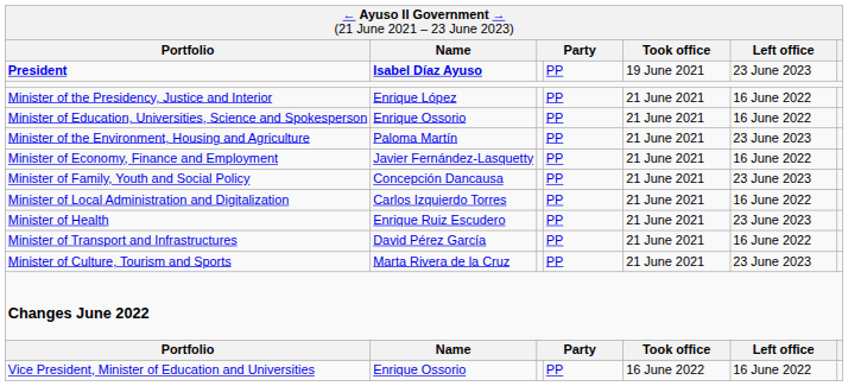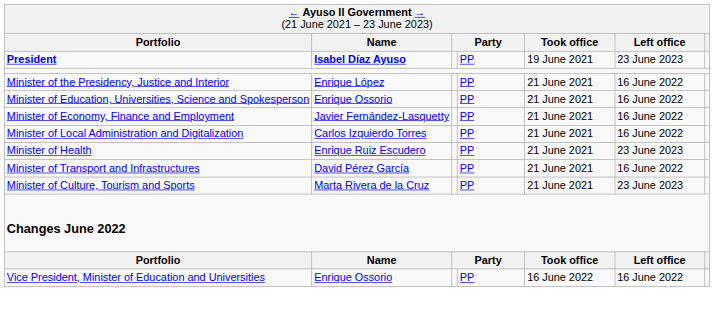 <table class="wikitable">
 <tr>
 <td colspan="7" bgcolor="#F2F2F2" align="center"><a href='#'>←</a> <strong>Ayuso II Government</strong> <a href='#'>→</a><br>(21 June 2021 – 23 June 2023)</td>
 </tr>
 <tr>
 <th>Portfolio</th>
 <th>Name</th>
 <th width="100px" colspan="2">Party</th>
 <th width="125px">Took office</th>
 <th width="125px">Left office</th>
 <th></th>
 </tr>
 <tr>
 <td><strong><a href='#'>President</a></strong></td>
 <td><strong><a href='#'>Isabel Díaz Ayuso</a></strong></td>
 <td width="1" style="background-color:"></td>
 <td><a href='#'>PP</a></td>
 <td>19 June 2021</td>
 <td>23 June 2023</td>
 <td align="center"></td>
 </tr>
 <tr>
 <td colspan="7"></td>
 </tr>
 <tr>
 <td><a href='#'>Minister of the Presidency, Justice and Interior</a></td>
 <td><a href='#'>Enrique López</a></td>
 <td style="background-color:"></td>
 <td><a href='#'>PP</a> </td>
 <td>21 June 2021</td>
 <td>16 June 2022</td>
 <td align="center"></td>
 </tr>
 <tr>
 <td><a href='#'>Minister of Education, Universities, Science and Spokesperson</a></td>
 <td><a href='#'>Enrique Ossorio</a></td>
 <td style="background-color:"></td>
 <td><a href='#'>PP</a></td>
 <td>21 June 2021</td>
 <td>16 June 2022</td>
 <td align="center"></td>
 </tr>
 <tr>
-<td><a href='#'>Minister of the Environment, Housing and Agriculture</a></td>
-<td><a href='#'>Paloma Martín</a></td>
-<td style="background-color:"></td>
-<td><a href='#'>PP</a></td>
-<td>21 June 2021</td>
-<td>23 June 2023</td>
-<td align="center"></td>
-</tr>
-<tr>
 <td><a href='#'>Minister of Economy, Finance and Employment</a></td>
 <td><a href='#'>Javier Fernández-Lasquetty</a></td>
 <td style="background-color:"></td>
 <td><a href='#'>PP</a></td>
 <td>21 June 2021</td>
 <td>16 June 2022</td>
-<td align="center"></td>
-</tr>
-<tr>
-<td><a href='#'>Minister of Family, Youth and Social Policy</a></td>
-<td><a href='#'>Concepción Dancausa</a></td>
-<td style="background-color:"></td>
-<td><a href='#'>PP</a></td>
-<td>21 June 2021</td>
-<td>23 June 2023</td>
 <td align="center"></td>
 </tr>
 <tr>
 <td><a href='#'>Minister of Local Administration and Digitalization</a></td>
 <td><a href='#'>Carlos Izquierdo Torres</a></td>
 <td style="background-color:"></td>
 <td><a href='#'>PP</a></td>
 <td>21 June 2021</td>
 <td>16 June 2022</td>
 <td align="center"></td>
 </tr>
 <tr>
 <td><a href='#'>Minister of Health</a></td>
 <td><a href='#'>Enrique Ruiz Escudero</a></td>
 <td style="background-color:"></td>
 <td><a href='#'>PP</a></td>
 <td>21 June 2021</td>
 <td>23 June 2023</td>
 <td align="center"></td>
 </tr>
 <tr>
 <td><a href='#'>Minister of Transport and Infrastructures</a></td>
 <td><a href='#'>David Pérez García</a></td>
 <td style="background-color:"></td>
 <td><a href='#'>PP</a></td>
 <td>21 June 2021</td>
 <td>16 June 2022</td>
 <td align="center"></td>
 </tr>
 <tr>
 <td><a href='#'>Minister of Culture, Tourism and Sports</a></td>
 <td><a href='#'>Marta Rivera de la Cruz</a></td>
 <td style="background-color:"></td>
 <td><a href='#'>PP</a> </td>
 <td>21 June 2021</td>
 <td>23 June 2023</td>
 <td align="center"></td>
 </tr>
 <tr>
 <td colspan="7"><br><h3>Changes June 2022</h3></td>
 </tr>
 <tr>
 <th>Portfolio</th>
 <th>Name</th>
 <th colspan="2">Party</th>
 <th>Took office</th>
 <th>Left office</th>
 <th></th>
 </tr>
 <tr>
 <td><a href='#'>Vice President, Minister of Education and Universities</a></td>
 <td><a href='#'>Enrique Ossorio</a></td>
 <td style="background-color:"></td>
 <td><a href='#'>PP</a></td>
 <td>16 June 2022</td>
 <td>16 June 2022</td>
 <td align="center"></td>
 </tr>
 </table>
